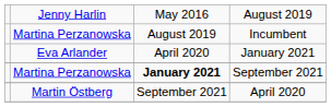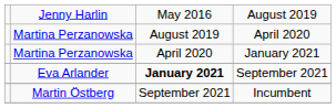 <table class="wikitable" style="text-align:center;">
 <tr>
 <td></td>
 <td><a href='#'>Jenny Harlin</a></td>
 <td>May 2016 </td>
 <td>August 2019</td>
 </tr>
 <tr>
 <td></td>
 <td><a href='#'>Martina Perzanowska</a></td>
 <td>August 2019</td>
-<td>Incumbent</td>
+<td>April 2020 </td>
 </tr>
 <tr>
 <td></td>
-<td><a href='#'>Eva Arlander</a></td>
+<td><a href='#'>Martina Perzanowska</a></td>
 <td>April 2020</td>
 <td>January 2021 </td>
 </tr>
 <tr>
 </tr>
 <tr>
 <td></td>
-<td><a href='#'>Martina Perzanowska</a></td>
+<td><a href='#'>Eva Arlander</a></td>
 <td><strong>January 2021 </strong></td>
 <td>September 2021 </td>
 </tr>
 <tr>
 </tr>
 <tr>
 <td></td>
 <td><a href='#'>Martin Östberg</a></td>
 <td>September 2021 </td>
-<td>April 2020 </td>
+<td>Incumbent</td>
 </tr>
 <tr>
 </tr>
 </table>
